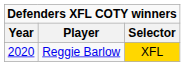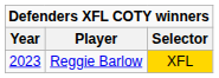 <table class="wikitable" style="text-align:center">
 <tr>
 <td align="center" colspan="4"><strong>Defenders XFL COTY winners</strong></td>
 </tr>
 <tr>
 <th>Year</th>
 <th>Player</th>
 <th>Selector</th>
 </tr>
 <tr>
-<td><a href='#'>2020</a></td>
+<td><a href='#'>2023</a></td>
 <td><a href='#'>Reggie Barlow</a></td>
 <td style="background: gold;">XFL</td>
 </tr>
 </table>
